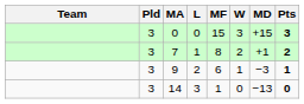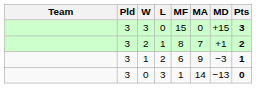 <table class="wikitable" style="text-align:center">
 <tr>
 <th width="175">Team</th>
 <th width="20">Pld</th>
-<th width="20">MA</th>
+<th width="20">W</th>
 <th width="20">L</th>
 <th width="20">MF</th>
-<th width="20">W</th>
+<th width="20">MA</th>
 <th width="20">MD</th>
 <th width="20">Pts</th>
 </tr>
 <tr bgcolor="ccffcc">
 <td align="left"></td>
 <td>3</td>
-<td>0</td>
+<td>3</td>
 <td>0</td>
 <td>15</td>
-<td>3</td>
+<td>0</td>
 <td>+15</td>
 <td><strong>3</strong></td>
 </tr>
 <tr bgcolor="ccffcc">
 <td align="left"></td>
 <td>3</td>
-<td>7</td>
+<td>2</td>
 <td>1</td>
 <td>8</td>
-<td>2</td>
+<td>7</td>
 <td>+1</td>
 <td><strong>2</strong></td>
 </tr>
 <tr>
 <td align="left"></td>
 <td>3</td>
-<td>9</td>
+<td>1</td>
 <td>2</td>
 <td>6</td>
-<td>1</td>
+<td>9</td>
 <td>−3</td>
 <td><strong>1</strong></td>
 </tr>
 <tr>
 <td align="left"></td>
 <td>3</td>
-<td>14</td>
+<td>0</td>
 <td>3</td>
 <td>1</td>
-<td>0</td>
+<td>14</td>
 <td>−13</td>
 <td><strong>0</strong></td>
 </tr>
 </table>
